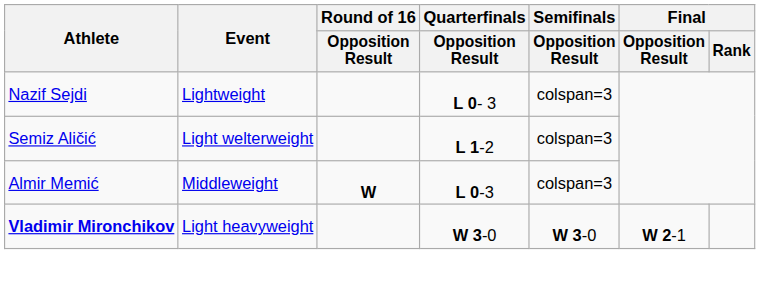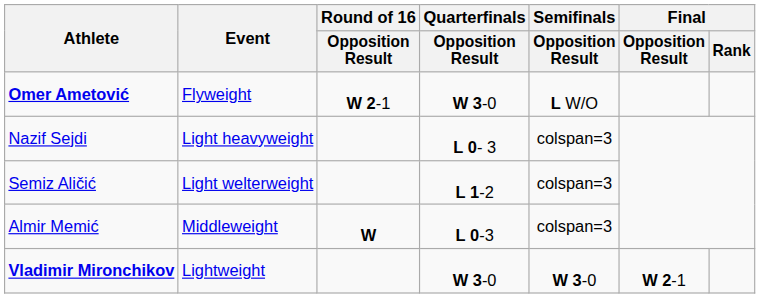 <table class="wikitable" style="font-size:90%">
 <tr>
 <th rowspan=2>Athlete</th>
 <th rowspan=2>Event</th>
 <th>Round of 16</th>
 <th>Quarterfinals</th>
 <th>Semifinals</th>
 <th colspan=2>Final</th>
 </tr>
 <tr style="font-size:95%">
 <th>Opposition<br>Result</th>
 <th>Opposition<br>Result</th>
 <th>Opposition<br>Result</th>
 <th>Opposition<br>Result</th>
 <th>Rank</th>
 </tr>
 <tr align=center>
+<td align=left><strong><a href='#'>Omer Ametović</a></strong></td>
+<td align=left><a href='#'>Flyweight</a></td>
+<td><br><strong>W</strong> <strong>2</strong>-1</td>
+<td><br><strong>W</strong> <strong>3</strong>-0</td>
+<td><br><strong>L</strong> W/O</td>
+<td></td>
+<td></td>
+</tr>
+<tr align=center>
 <td align=left><a href='#'>Nazif Sejdi</a></td>
-<td align=left><a href='#'>Lightweight</a></td>
+<td align=left><a href='#'>Light heavyweight</a></td>
 <td></td>
 <td><br><strong>L</strong> <strong>0</strong>- 3</td>
 <td>colspan=3 </td>
 </tr>
 <tr align=center>
 <td align=left><a href='#'>Semiz Aličić</a></td>
 <td align=left><a href='#'>Light welterweight</a></td>
 <td></td>
 <td><br><strong>L</strong> <strong>1</strong>-2</td>
 <td>colspan=3 </td>
 </tr>
 <tr align=center>
 <td align=left><a href='#'>Almir Memić</a></td>
 <td align=left><a href='#'>Middleweight</a></td>
 <td><br><strong>W</strong> </td>
 <td><br><strong>L</strong> <strong>0</strong>-3</td>
 <td>colspan=3 </td>
 </tr>
 <tr align=center>
 <td align=left><strong><a href='#'>Vladimir Mironchikov</a></strong></td>
-<td align=left><a href='#'>Light heavyweight</a></td>
+<td align=left><a href='#'>Lightweight</a></td>
 <td></td>
 <td><br><strong>W</strong> <strong>3</strong>-0</td>
 <td><br><strong>W</strong> <strong>3</strong>-0</td>
 <td><br><strong>W</strong> <strong>2</strong>-1</td>
 <td></td>
 </tr>
 </table>
